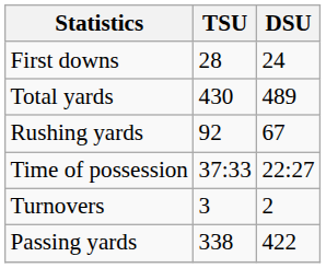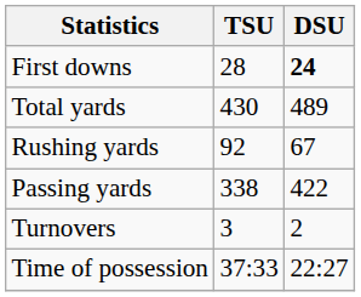 <table class="wikitable">
 <tr>
 <th>Statistics</th>
 <th>TSU</th>
 <th>DSU</th>
 </tr>
 <tr>
 <td>First downs</td>
 <td>28</td>
-<td>24</td>
+<td><strong>24</strong></td>
 </tr>
 <tr>
 <td>Total yards</td>
 <td>430</td>
 <td>489</td>
 </tr>
 <tr>
 <td>Rushing yards</td>
 <td>92</td>
 <td>67</td>
 </tr>
 <tr>
-<td>Time of possession</td>
-<td>37:33</td>
-<td>22:27</td>
+<td>Passing yards</td>
+<td>338</td>
+<td>422</td>
 </tr>
 <tr>
 <td>Turnovers</td>
 <td>3</td>
 <td>2</td>
 </tr>
 <tr>
-<td>Passing yards</td>
-<td>338</td>
-<td>422</td>
+<td>Time of possession</td>
+<td>37:33</td>
+<td>22:27</td>
 </tr>
 <tr>
 </tr>
 </table>
